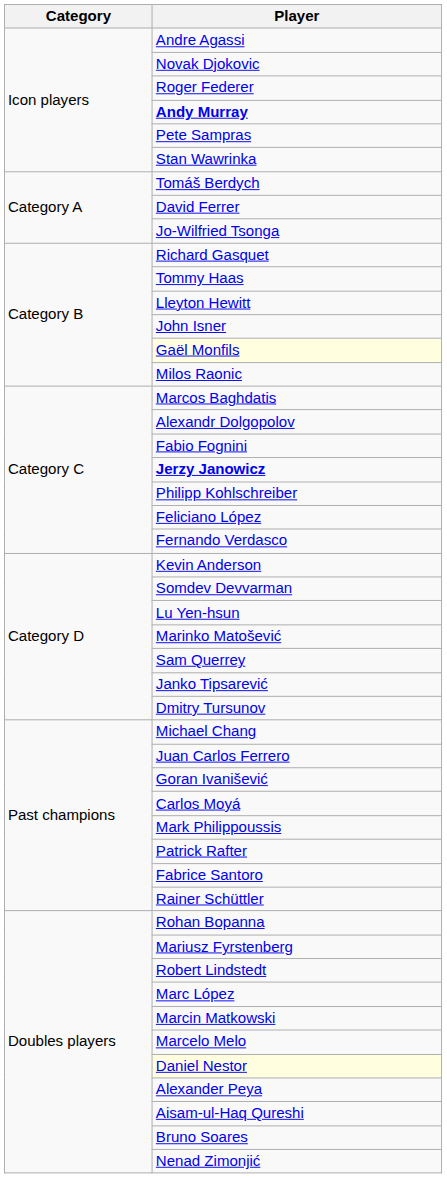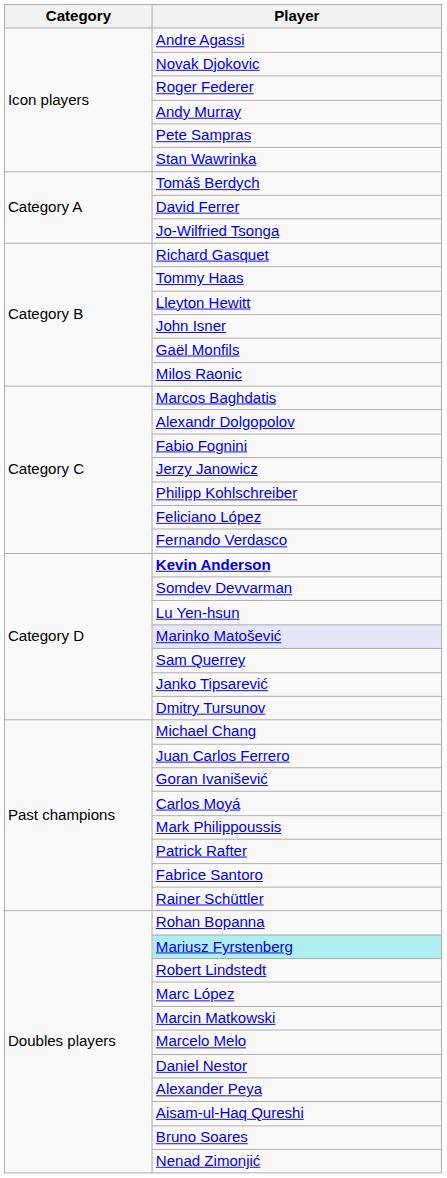 <table class="wikitable" style="text-align:left">
 <tr>
 <th width="150px">Category</th>
 <th width="300px">Player</th>
 </tr>
 <tr>
 <td rowspan=6;>Icon players</td>
 <td> <a href='#'>Andre Agassi</a></td>
 </tr>
 <tr>
 <td> <a href='#'>Novak Djokovic</a></td>
 </tr>
 <tr>
 <td> <a href='#'>Roger Federer</a></td>
 </tr>
 <tr>
-<td><strong> <a href='#'>Andy Murray</a></strong></td>
+<td> <a href='#'>Andy Murray</a></td>
 </tr>
 <tr>
 <td> <a href='#'>Pete Sampras</a></td>
 </tr>
 <tr>
 <td> <a href='#'>Stan Wawrinka</a></td>
 </tr>
 <tr>
 <td rowspan=3;>Category A</td>
 <td> <a href='#'>Tomáš Berdych</a></td>
 </tr>
 <tr>
 <td> <a href='#'>David Ferrer</a></td>
 </tr>
 <tr>
 <td> <a href='#'>Jo-Wilfried Tsonga</a></td>
 </tr>
 <tr>
 <td rowspan=6;>Category B</td>
 <td> <a href='#'>Richard Gasquet</a></td>
 </tr>
 <tr>
 <td> <a href='#'>Tommy Haas</a></td>
 </tr>
 <tr>
 <td> <a href='#'>Lleyton Hewitt</a></td>
 </tr>
 <tr>
 <td> <a href='#'>John Isner</a></td>
 </tr>
 <tr>
-<td style="background: lightyellow;"> <a href='#'>Gaël Monfils</a></td>
+<td> <a href='#'>Gaël Monfils</a></td>
 </tr>
 <tr>
 <td> <a href='#'>Milos Raonic</a></td>
 </tr>
 <tr>
 <td rowspan=7;>Category C</td>
 <td> <a href='#'>Marcos Baghdatis</a></td>
 </tr>
 <tr>
 <td> <a href='#'>Alexandr Dolgopolov</a></td>
 </tr>
 <tr>
 <td> <a href='#'>Fabio Fognini</a></td>
 </tr>
 <tr>
-<td><strong> <a href='#'>Jerzy Janowicz</a></strong></td>
+<td> <a href='#'>Jerzy Janowicz</a></td>
 </tr>
 <tr>
 <td> <a href='#'>Philipp Kohlschreiber</a></td>
 </tr>
 <tr>
 <td> <a href='#'>Feliciano López</a></td>
 </tr>
 <tr>
 <td> <a href='#'>Fernando Verdasco</a></td>
 </tr>
 <tr>
 <td rowspan=7;>Category D</td>
-<td> <a href='#'>Kevin Anderson</a></td>
+<td><strong> <a href='#'>Kevin Anderson</a></strong></td>
 </tr>
 <tr>
 <td> <a href='#'>Somdev Devvarman</a></td>
 </tr>
 <tr>
 <td> <a href='#'>Lu Yen-hsun</a></td>
 </tr>
 <tr>
-<td> <a href='#'>Marinko Matošević</a></td>
+<td style="background: lavender;"> <a href='#'>Marinko Matošević</a></td>
 </tr>
 <tr>
 <td> <a href='#'>Sam Querrey</a></td>
 </tr>
 <tr>
 <td> <a href='#'>Janko Tipsarević</a></td>
 </tr>
 <tr>
 <td> <a href='#'>Dmitry Tursunov</a></td>
 </tr>
 <tr>
 <td rowspan=8;>Past champions</td>
 <td> <a href='#'>Michael Chang</a></td>
 </tr>
 <tr>
 <td> <a href='#'>Juan Carlos Ferrero</a></td>
 </tr>
 <tr>
 <td> <a href='#'>Goran Ivanišević</a></td>
 </tr>
 <tr>
 <td> <a href='#'>Carlos Moyá</a></td>
 </tr>
 <tr>
 <td> <a href='#'>Mark Philippoussis</a></td>
 </tr>
 <tr>
 <td> <a href='#'>Patrick Rafter</a></td>
 </tr>
 <tr>
 <td> <a href='#'>Fabrice Santoro</a></td>
 </tr>
 <tr>
 <td> <a href='#'>Rainer Schüttler</a></td>
 </tr>
 <tr>
 <td rowspan=11;>Doubles players</td>
 <td> <a href='#'>Rohan Bopanna</a></td>
 </tr>
 <tr>
-<td> <a href='#'>Mariusz Fyrstenberg</a></td>
+<td style="background: paleturquoise;"> <a href='#'>Mariusz Fyrstenberg</a></td>
 </tr>
 <tr>
 <td> <a href='#'>Robert Lindstedt</a></td>
 </tr>
 <tr>
 <td> <a href='#'>Marc López</a></td>
 </tr>
 <tr>
 <td> <a href='#'>Marcin Matkowski</a></td>
 </tr>
 <tr>
 <td> <a href='#'>Marcelo Melo</a></td>
 </tr>
 <tr>
-<td style="background: lightyellow;"> <a href='#'>Daniel Nestor</a></td>
+<td> <a href='#'>Daniel Nestor</a></td>
 </tr>
 <tr>
 <td> <a href='#'>Alexander Peya</a></td>
 </tr>
 <tr>
 <td> <a href='#'>Aisam-ul-Haq Qureshi</a></td>
 </tr>
 <tr>
 <td> <a href='#'>Bruno Soares</a></td>
 </tr>
 <tr>
 <td> <a href='#'>Nenad Zimonjić</a></td>
 </tr>
 </table>
